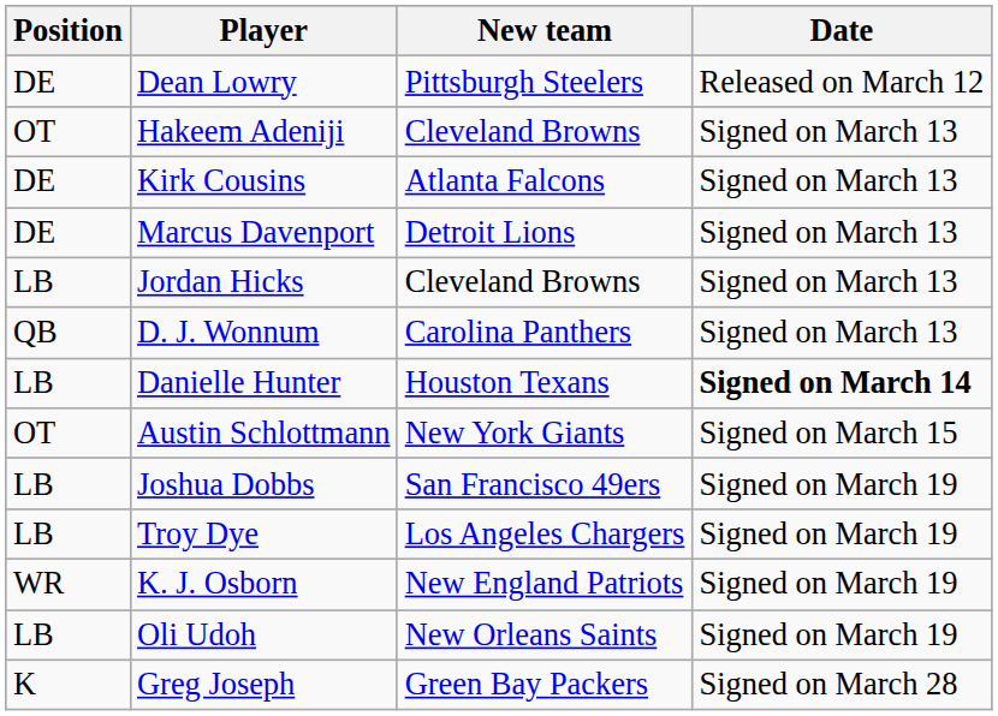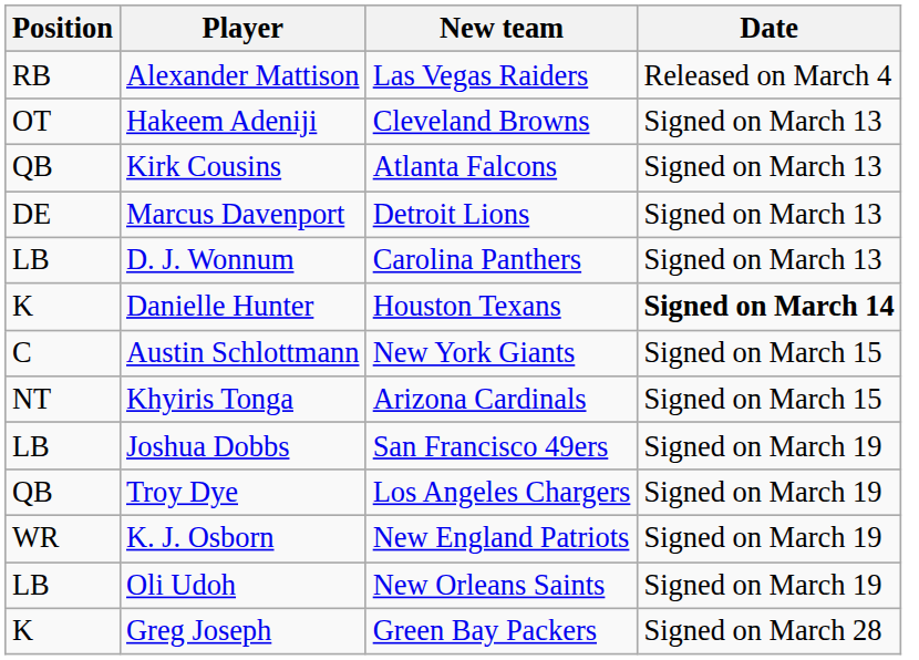 <table class="wikitable">
 <tr>
 <th>Position</th>
 <th>Player</th>
 <th>New team</th>
 <th>Date</th>
 </tr>
 <tr>
-<td>DE</td>
-<td><a href='#'>Dean Lowry</a></td>
-<td><a href='#'>Pittsburgh Steelers</a></td>
-<td>Released on March 12</td>
+<td>RB</td>
+<td><a href='#'>Alexander Mattison</a></td>
+<td><a href='#'>Las Vegas Raiders</a></td>
+<td>Released on March 4</td>
 </tr>
 <tr>
 <td>OT</td>
 <td><a href='#'>Hakeem Adeniji</a></td>
 <td><a href='#'>Cleveland Browns</a></td>
 <td>Signed on March 13</td>
 </tr>
 <tr>
-<td>DE</td>
+<td>QB</td>
 <td><a href='#'>Kirk Cousins</a></td>
 <td><a href='#'>Atlanta Falcons</a></td>
 <td>Signed on March 13</td>
 </tr>
 <tr>
 <td>DE</td>
 <td><a href='#'>Marcus Davenport</a></td>
 <td><a href='#'>Detroit Lions</a></td>
 <td>Signed on March 13</td>
 </tr>
 <tr>
 <td>LB</td>
-<td><a href='#'>Jordan Hicks</a></td>
-<td>Cleveland Browns</td>
-<td>Signed on March 13</td>
-</tr>
-<tr>
-<td>QB</td>
 <td><a href='#'>D. J. Wonnum</a></td>
 <td><a href='#'>Carolina Panthers</a></td>
 <td>Signed on March 13</td>
 </tr>
 <tr>
-<td>LB</td>
+<td>K</td>
 <td><a href='#'>Danielle Hunter</a></td>
 <td><a href='#'>Houston Texans</a></td>
 <td><strong>Signed on March 14</strong></td>
 </tr>
 <tr>
-<td>OT</td>
+<td>C</td>
 <td><a href='#'>Austin Schlottmann</a></td>
 <td><a href='#'>New York Giants</a></td>
+<td>Signed on March 15</td>
+</tr>
+<tr>
+<td>NT</td>
+<td><a href='#'>Khyiris Tonga</a></td>
+<td><a href='#'>Arizona Cardinals</a></td>
 <td>Signed on March 15</td>
 </tr>
 <tr>
 <td>LB</td>
 <td><a href='#'>Joshua Dobbs</a></td>
 <td><a href='#'>San Francisco 49ers</a></td>
 <td>Signed on March 19</td>
 </tr>
 <tr>
-<td>LB</td>
+<td>QB</td>
 <td><a href='#'>Troy Dye</a></td>
 <td><a href='#'>Los Angeles Chargers</a></td>
 <td>Signed on March 19</td>
 </tr>
 <tr>
 <td>WR</td>
 <td><a href='#'>K. J. Osborn</a></td>
 <td><a href='#'>New England Patriots</a></td>
 <td>Signed on March 19</td>
 </tr>
 <tr>
 <td>LB</td>
 <td><a href='#'>Oli Udoh</a></td>
 <td><a href='#'>New Orleans Saints</a></td>
 <td>Signed on March 19</td>
 </tr>
 <tr>
 <td>K</td>
 <td><a href='#'>Greg Joseph</a></td>
 <td><a href='#'>Green Bay Packers</a></td>
 <td>Signed on March 28</td>
 </tr>
 </table>
